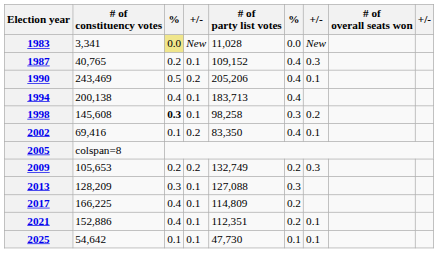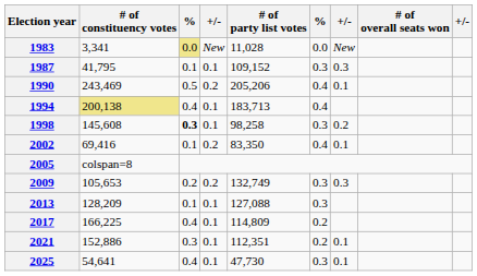 <table class=wikitable>
 <tr>
 <th>Election year</th>
 <th># of<br>constituency votes</th>
 <th>%</th>
 <th>+/-</th>
 <th># of<br>party list votes</th>
 <th>%</th>
 <th>+/-</th>
 <th># of<br>overall seats won</th>
 <th>+/-</th>
 </tr>
 <tr>
 <th><a href='#'>1983</a></th>
 <td>3,341</td>
 <td style="background: khaki;">0.0</td>
 <td><em>New</em></td>
 <td>11,028</td>
 <td>0.0</td>
 <td><em>New</em></td>
 <td></td>
 <td></td>
 </tr>
 <tr>
 <th><a href='#'>1987</a></th>
-<td>40,765</td>
-<td>0.2</td>
+<td>41,795</td>
+<td>0.1</td>
 <td>0.1</td>
 <td>109,152</td>
-<td>0.4</td>
+<td>0.3</td>
 <td>0.3</td>
 <td></td>
 <td></td>
 </tr>
 <tr>
 <th><a href='#'>1990</a></th>
 <td>243,469</td>
 <td>0.5</td>
 <td>0.2</td>
 <td>205,206</td>
 <td>0.4</td>
 <td>0.1</td>
 <td></td>
 <td></td>
 </tr>
 <tr>
 <th><a href='#'>1994</a></th>
-<td>200,138</td>
+<td style="background: khaki;">200,138</td>
 <td>0.4</td>
 <td>0.1</td>
 <td>183,713</td>
 <td>0.4</td>
 <td></td>
 <td></td>
 <td></td>
 </tr>
 <tr>
 <th><a href='#'>1998</a></th>
 <td>145,608</td>
 <td><strong>0.3</strong></td>
 <td>0.1</td>
 <td>98,258</td>
 <td>0.3</td>
 <td>0.2</td>
 <td></td>
 <td></td>
 </tr>
 <tr>
 <th><a href='#'>2002</a></th>
 <td>69,416</td>
 <td>0.1</td>
 <td>0.2</td>
 <td>83,350</td>
 <td>0.4</td>
 <td>0.1</td>
 <td></td>
 <td></td>
 </tr>
 <tr>
 <th><a href='#'>2005</a></th>
 <td>colspan=8 </td>
 </tr>
 <tr>
 <th><a href='#'>2009</a></th>
 <td>105,653</td>
 <td>0.2</td>
 <td>0.2</td>
 <td>132,749</td>
-<td>0.2</td>
+<td>0.3</td>
 <td>0.3</td>
 <td></td>
 <td></td>
 </tr>
 <tr>
 <th><a href='#'>2013</a></th>
 <td>128,209</td>
-<td>0.3</td>
+<td>0.1</td>
 <td>0.1</td>
 <td>127,088</td>
 <td>0.3</td>
 <td></td>
 <td></td>
 <td></td>
 </tr>
 <tr>
 <th><a href='#'>2017</a></th>
 <td>166,225</td>
 <td>0.4</td>
 <td>0.1</td>
 <td>114,809</td>
 <td>0.2</td>
 <td></td>
 <td></td>
 <td></td>
 </tr>
 <tr>
 <th><a href='#'>2021</a></th>
 <td>152,886</td>
-<td>0.4</td>
+<td>0.3</td>
 <td>0.1</td>
 <td>112,351</td>
 <td>0.2</td>
 <td>0.1</td>
 <td></td>
 <td></td>
 </tr>
 <tr>
 <th><a href='#'>2025</a></th>
-<td>54,642</td>
-<td>0.1</td>
+<td>54,641</td>
+<td>0.4</td>
 <td>0.1</td>
 <td>47,730</td>
-<td>0.1</td>
+<td>0.3</td>
 <td>0.1</td>
 <td></td>
 <td></td>
 </tr>
 </table>
